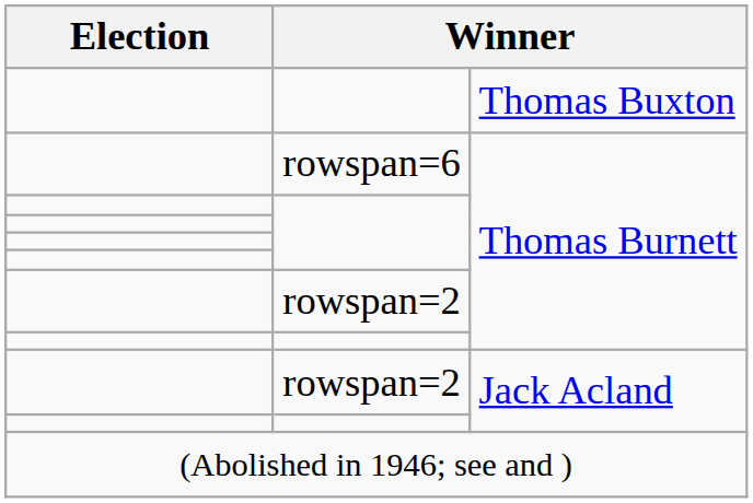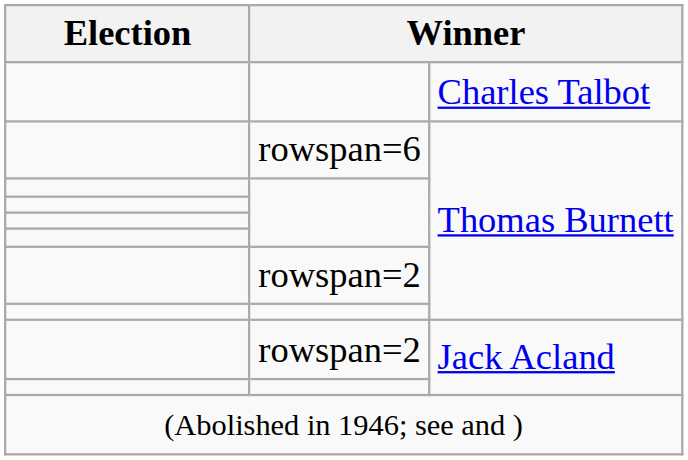 <table class=wikitable>
 <tr>
 <th width=100>Election</th>
 <th width=175 colspan=2>Winner</th>
 </tr>
 <tr>
 <td></td>
 <td></td>
-<td><a href='#'>Thomas Buxton</a></td>
+<td><a href='#'>Charles Talbot</a></td>
 </tr>
 <tr>
 <td></td>
 <td>rowspan=6 </td>
 <td rowspan=8><a href='#'>Thomas Burnett</a></td>
 </tr>
 <tr>
 <td></td>
 </tr>
 <tr>
 <td></td>
 </tr>
 <tr>
 <td></td>
 </tr>
 <tr>
 <td></td>
 </tr>
 <tr>
 <td rowspan=2 height=18></td>
 </tr>
 <tr>
 <td>rowspan=2 </td>
 </tr>
 <tr>
 <td></td>
 </tr>
 <tr>
 <td></td>
 <td>rowspan=2  </td>
 <td rowspan=2><a href='#'>Jack Acland</a></td>
 </tr>
 <tr>
 <td></td>
 </tr>
 <tr>
 <td colspan=3 align=center><small>(Abolished in 1946; see  and )</small></td>
 </tr>
 </table>
